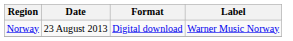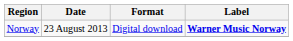 <table class=wikitable>
 <tr>
 <th>Region</th>
 <th>Date</th>
 <th>Format</th>
 <th>Label</th>
 </tr>
 <tr>
 <td><a href='#'>Norway</a></td>
 <td>23 August 2013</td>
 <td><a href='#'>Digital download</a></td>
-<td><a href='#'>Warner Music Norway</a></td>
+<td><strong><a href='#'>Warner Music Norway</a></strong></td>
 </tr>
 <tr>
 </tr>
 </table>
